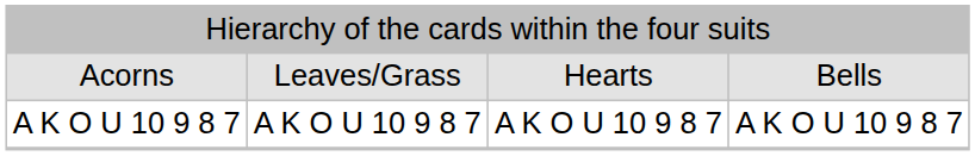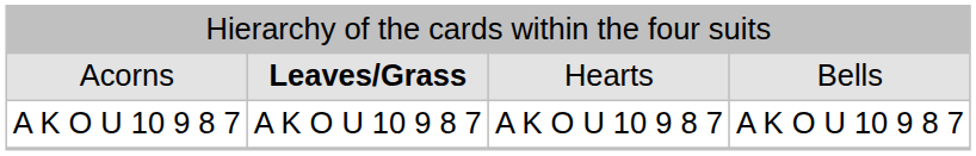 <table cellpadding="3" style="float: none; background: #c0c0c0; margin-left: 1em; border-spacing: 1px;">
 <tr align="center">
 <td colspan="4">Hierarchy of the cards within the four suits</td>
 </tr>
 <tr align="center">
 <td style="background: #e3e3e3;">Acorns</td>
-<td style="background: #e3e3e3;">Leaves/Grass</td>
+<td style="background: #e3e3e3;"><strong>Leaves/Grass</strong></td>
 <td style="background: #e3e3e3;">Hearts</td>
 <td style="background: #e3e3e3;">Bells</td>
 </tr>
 <tr align="center">
 <td style="background: #ffffff;">A K O U 10 9 8 7</td>
 <td style="background: #ffffff;">A K O U 10 9 8 7</td>
 <td style="background: #ffffff;">A K O U 10 9 8 7</td>
 <td style="background: #ffffff;">A K O U 10 9 8 7</td>
 </tr>
 <tr align="center">
 </tr>
 </table>
